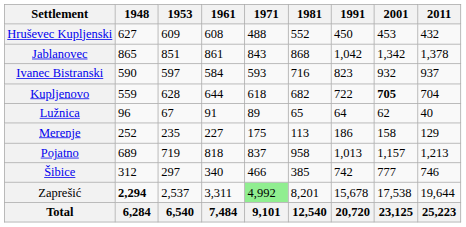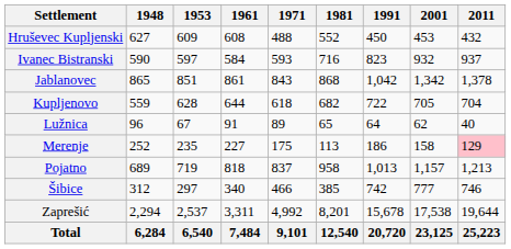 <table class="wikitable sortable" border="1">
 <tr>
 <th>Settlement</th>
 <th style="width:3em">1948</th>
 <th style="width:3em">1953</th>
 <th style="width:3em">1961</th>
 <th style="width:3em">1971</th>
 <th style="width:3em">1981</th>
 <th style="width:3em">1991</th>
 <th style="width:3em">2001</th>
 <th style="width:3em">2011</th>
 </tr>
 <tr>
 <th style="font-weight:300"><a href='#'>Hruševec Kupljenski</a></th>
 <td>627</td>
 <td>609</td>
 <td>608</td>
 <td>488</td>
 <td>552</td>
 <td>450</td>
 <td>453</td>
 <td>432</td>
 </tr>
 <tr>
+<th style="font-weight:300"><a href='#'>Ivanec Bistranski</a></th>
+<td>590</td>
+<td>597</td>
+<td>584</td>
+<td>593</td>
+<td>716</td>
+<td>823</td>
+<td>932</td>
+<td>937</td>
+</tr>
+<tr>
 <th style="font-weight:300"><a href='#'>Jablanovec</a></th>
 <td>865</td>
 <td>851</td>
 <td>861</td>
 <td>843</td>
 <td>868</td>
 <td>1,042</td>
 <td>1,342</td>
 <td>1,378</td>
 </tr>
 <tr>
-<th style="font-weight:300"><a href='#'>Ivanec Bistranski</a></th>
-<td>590</td>
-<td>597</td>
-<td>584</td>
-<td>593</td>
-<td>716</td>
-<td>823</td>
-<td>932</td>
-<td>937</td>
-</tr>
-<tr>
 <th style="font-weight:300"><a href='#'>Kupljenovo</a></th>
 <td>559</td>
 <td>628</td>
 <td>644</td>
 <td>618</td>
 <td>682</td>
 <td>722</td>
-<td><strong>705</strong></td>
+<td>705</td>
 <td>704</td>
 </tr>
 <tr>
 <th style="font-weight:300"><a href='#'>Lužnica</a></th>
 <td>96</td>
 <td>67</td>
 <td>91</td>
 <td>89</td>
 <td>65</td>
 <td>64</td>
 <td>62</td>
 <td>40</td>
 </tr>
 <tr>
 <th style="font-weight:300"><a href='#'>Merenje</a></th>
 <td>252</td>
 <td>235</td>
 <td>227</td>
 <td>175</td>
 <td>113</td>
 <td>186</td>
 <td>158</td>
-<td>129</td>
+<td style="background: pink;">129</td>
 </tr>
 <tr>
 <th style="font-weight:300"><a href='#'>Pojatno</a></th>
 <td>689</td>
 <td>719</td>
 <td>818</td>
 <td>837</td>
 <td>958</td>
 <td>1,013</td>
 <td>1,157</td>
 <td>1,213</td>
 </tr>
 <tr>
 <th style="font-weight:300"><a href='#'>Šibice</a></th>
 <td>312</td>
 <td>297</td>
 <td>340</td>
 <td>466</td>
 <td>385</td>
 <td>742</td>
 <td>777</td>
 <td>746</td>
 </tr>
 <tr>
 <th style="font-weight:300"><strong>Zaprešić</strong></th>
-<td><strong>2,294</strong></td>
+<td>2,294</td>
 <td>2,537</td>
 <td>3,311</td>
-<td style="background: lightgreen;">4,992</td>
+<td>4,992</td>
 <td>8,201</td>
 <td>15,678</td>
 <td>17,538</td>
 <td>19,644</td>
 </tr>
 <tr>
 <th>Total</th>
 <th>6,284</th>
 <th>6,540</th>
 <th>7,484</th>
 <th>9,101</th>
 <th>12,540</th>
 <th>20,720</th>
 <th>23,125</th>
 <th>25,223</th>
 </tr>
 </table>
